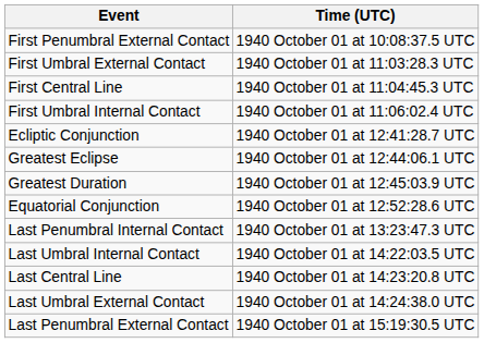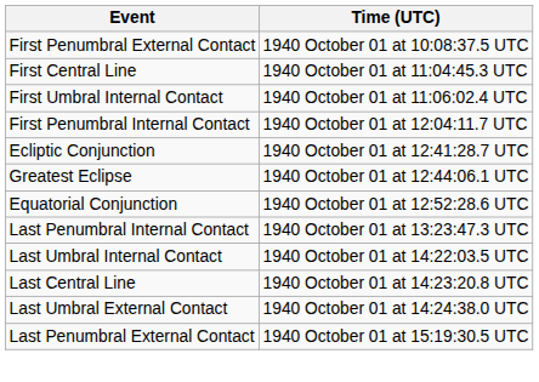 <table class="wikitable">
 <tr>
 <th>Event</th>
 <th>Time (UTC)</th>
 </tr>
 <tr>
 <td>First Penumbral External Contact</td>
 <td>1940 October 01 at 10:08:37.5 UTC</td>
 </tr>
 <tr>
-<td>First Umbral External Contact</td>
-<td>1940 October 01 at 11:03:28.3 UTC</td>
-</tr>
-<tr>
 <td>First Central Line</td>
 <td>1940 October 01 at 11:04:45.3 UTC</td>
 </tr>
 <tr>
 <td>First Umbral Internal Contact</td>
 <td>1940 October 01 at 11:06:02.4 UTC</td>
 </tr>
 <tr>
+<td>First Penumbral Internal Contact</td>
+<td>1940 October 01 at 12:04:11.7 UTC</td>
+</tr>
+<tr>
 <td>Ecliptic Conjunction</td>
 <td>1940 October 01 at 12:41:28.7 UTC</td>
 </tr>
 <tr>
 <td>Greatest Eclipse</td>
 <td>1940 October 01 at 12:44:06.1 UTC</td>
-</tr>
-<tr>
-<td>Greatest Duration</td>
-<td>1940 October 01 at 12:45:03.9 UTC</td>
 </tr>
 <tr>
 <td>Equatorial Conjunction</td>
 <td>1940 October 01 at 12:52:28.6 UTC</td>
 </tr>
 <tr>
 <td>Last Penumbral Internal Contact</td>
 <td>1940 October 01 at 13:23:47.3 UTC</td>
 </tr>
 <tr>
 <td>Last Umbral Internal Contact</td>
 <td>1940 October 01 at 14:22:03.5 UTC</td>
 </tr>
 <tr>
 <td>Last Central Line</td>
 <td>1940 October 01 at 14:23:20.8 UTC</td>
 </tr>
 <tr>
 <td>Last Umbral External Contact</td>
 <td>1940 October 01 at 14:24:38.0 UTC</td>
 </tr>
 <tr>
 <td>Last Penumbral External Contact</td>
 <td>1940 October 01 at 15:19:30.5 UTC</td>
 </tr>
 </table>
